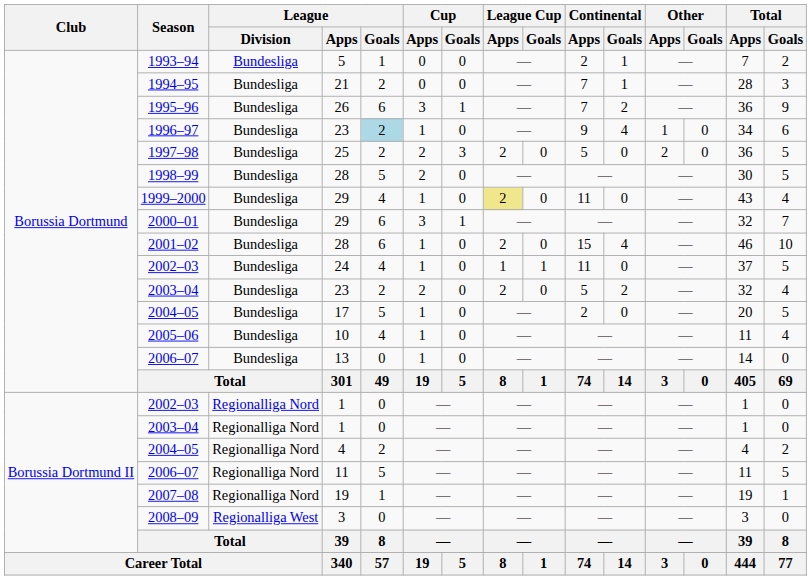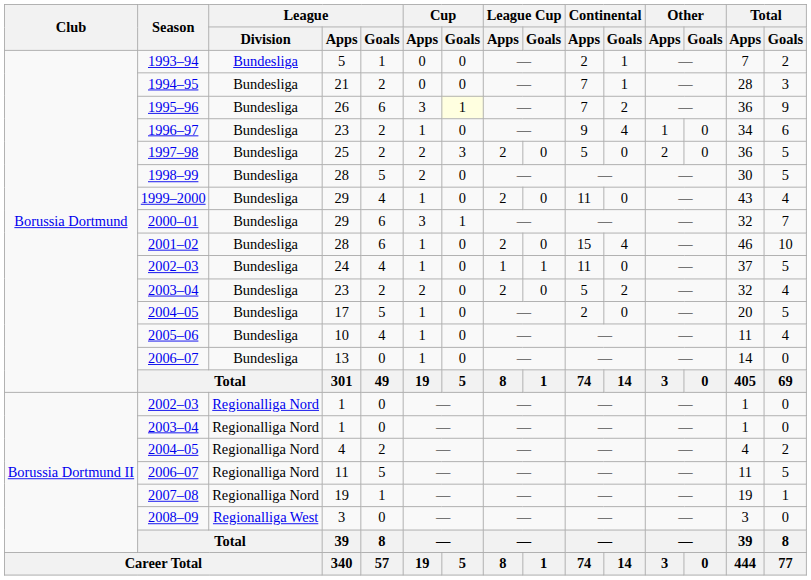 <table class="wikitable" style="text-align: center">
 <tr>
 <th rowspan="2">Club</th>
 <th rowspan="2">Season</th>
 <th colspan="3">League</th>
 <th colspan="2">Cup</th>
 <th colspan="2">League Cup</th>
 <th colspan="2">Continental</th>
 <th colspan="2">Other</th>
 <th colspan="2">Total</th>
 </tr>
 <tr>
 <th>Division</th>
 <th>Apps</th>
 <th>Goals</th>
 <th>Apps</th>
 <th>Goals</th>
 <th>Apps</th>
 <th>Goals</th>
 <th>Apps</th>
 <th>Goals</th>
 <th>Apps</th>
 <th>Goals</th>
 <th>Apps</th>
 <th>Goals</th>
 </tr>
 <tr>
 <td rowspan="15"><a href='#'>Borussia Dortmund</a></td>
 <td><a href='#'>1993–94</a></td>
 <td><a href='#'>Bundesliga</a></td>
 <td>5</td>
 <td>1</td>
 <td>0</td>
 <td>0</td>
 <td colspan="2">—</td>
 <td>2</td>
 <td>1</td>
 <td colspan="2">—</td>
 <td>7</td>
 <td>2</td>
 </tr>
 <tr>
 <td><a href='#'>1994–95</a></td>
 <td>Bundesliga</td>
 <td>21</td>
 <td>2</td>
 <td>0</td>
 <td>0</td>
 <td colspan="2">—</td>
 <td>7</td>
 <td>1</td>
 <td colspan="2">—</td>
 <td>28</td>
 <td>3</td>
 </tr>
 <tr>
 <td><a href='#'>1995–96</a></td>
 <td>Bundesliga</td>
 <td>26</td>
 <td>6</td>
 <td>3</td>
-<td>1</td>
+<td style="background: lightyellow;">1</td>
 <td colspan="2">—</td>
 <td>7</td>
 <td>2</td>
 <td colspan="2">—</td>
 <td>36</td>
 <td>9</td>
 </tr>
 <tr>
 <td><a href='#'>1996–97</a></td>
 <td>Bundesliga</td>
 <td>23</td>
-<td style="background: lightblue;">2</td>
+<td>2</td>
 <td>1</td>
 <td>0</td>
 <td colspan="2">—</td>
 <td>9</td>
 <td>4</td>
 <td>1</td>
 <td>0</td>
 <td>34</td>
 <td>6</td>
 </tr>
 <tr>
 <td><a href='#'>1997–98</a></td>
 <td>Bundesliga</td>
 <td>25</td>
 <td>2</td>
 <td>2</td>
 <td>3</td>
 <td>2</td>
 <td>0</td>
 <td>5</td>
 <td>0</td>
 <td>2</td>
 <td>0</td>
 <td>36</td>
 <td>5</td>
 </tr>
 <tr>
 <td><a href='#'>1998–99</a></td>
 <td>Bundesliga</td>
 <td>28</td>
 <td>5</td>
 <td>2</td>
 <td>0</td>
 <td colspan="2">—</td>
 <td colspan="2">—</td>
 <td colspan="2">—</td>
 <td>30</td>
 <td>5</td>
 </tr>
 <tr>
 <td><a href='#'>1999–2000</a></td>
 <td>Bundesliga</td>
 <td>29</td>
 <td>4</td>
 <td>1</td>
 <td>0</td>
-<td style="background: khaki;">2</td>
+<td>2</td>
 <td>0</td>
 <td>11</td>
 <td>0</td>
 <td colspan="2">—</td>
 <td>43</td>
 <td>4</td>
 </tr>
 <tr>
 <td><a href='#'>2000–01</a></td>
 <td>Bundesliga</td>
 <td>29</td>
 <td>6</td>
 <td>3</td>
 <td>1</td>
 <td colspan="2">—</td>
 <td colspan="2">—</td>
 <td colspan="2">—</td>
 <td>32</td>
 <td>7</td>
 </tr>
 <tr>
 <td><a href='#'>2001–02</a></td>
 <td>Bundesliga</td>
 <td>28</td>
 <td>6</td>
 <td>1</td>
 <td>0</td>
 <td>2</td>
 <td>0</td>
 <td>15</td>
 <td>4</td>
 <td colspan="2">—</td>
 <td>46</td>
 <td>10</td>
 </tr>
 <tr>
 <td><a href='#'>2002–03</a></td>
 <td>Bundesliga</td>
 <td>24</td>
 <td>4</td>
 <td>1</td>
 <td>0</td>
 <td>1</td>
 <td>1</td>
 <td>11</td>
 <td>0</td>
 <td colspan="2">—</td>
 <td>37</td>
 <td>5</td>
 </tr>
 <tr>
 <td><a href='#'>2003–04</a></td>
 <td>Bundesliga</td>
 <td>23</td>
 <td>2</td>
 <td>2</td>
 <td>0</td>
 <td>2</td>
 <td>0</td>
 <td>5</td>
 <td>2</td>
 <td colspan="2">—</td>
 <td>32</td>
 <td>4</td>
 </tr>
 <tr>
 <td><a href='#'>2004–05</a></td>
 <td>Bundesliga</td>
 <td>17</td>
 <td>5</td>
 <td>1</td>
 <td>0</td>
 <td colspan="2">—</td>
 <td>2</td>
 <td>0</td>
 <td colspan="2">—</td>
 <td>20</td>
 <td>5</td>
 </tr>
 <tr>
 <td><a href='#'>2005–06</a></td>
 <td>Bundesliga</td>
 <td>10</td>
 <td>4</td>
 <td>1</td>
 <td>0</td>
 <td colspan="2">—</td>
 <td colspan="2">—</td>
 <td colspan="2">—</td>
 <td>11</td>
 <td>4</td>
 </tr>
 <tr>
 <td><a href='#'>2006–07</a></td>
 <td>Bundesliga</td>
 <td>13</td>
 <td>0</td>
 <td>1</td>
 <td>0</td>
 <td colspan="2">—</td>
 <td colspan="2">—</td>
 <td colspan="2">—</td>
 <td>14</td>
 <td>0</td>
 </tr>
 <tr>
 <th colspan="2">Total</th>
 <th>301</th>
 <th>49</th>
 <th>19</th>
 <th>5</th>
 <th>8</th>
 <th>1</th>
 <th>74</th>
 <th>14</th>
 <th>3</th>
 <th>0</th>
 <th>405</th>
 <th>69</th>
 </tr>
 <tr>
 <td rowspan="7"><a href='#'>Borussia Dortmund II</a></td>
 <td><a href='#'>2002–03</a></td>
 <td><a href='#'>Regionalliga Nord</a></td>
 <td>1</td>
 <td>0</td>
 <td colspan="2">—</td>
 <td colspan="2">—</td>
 <td colspan="2">—</td>
 <td colspan="2">—</td>
 <td>1</td>
 <td>0</td>
 </tr>
 <tr>
 <td><a href='#'>2003–04</a></td>
 <td>Regionalliga Nord</td>
 <td>1</td>
 <td>0</td>
 <td colspan="2">—</td>
 <td colspan="2">—</td>
 <td colspan="2">—</td>
 <td colspan="2">—</td>
 <td>1</td>
 <td>0</td>
 </tr>
 <tr>
 <td><a href='#'>2004–05</a></td>
 <td>Regionalliga Nord</td>
 <td>4</td>
 <td>2</td>
 <td colspan="2">—</td>
 <td colspan="2">—</td>
 <td colspan="2">—</td>
 <td colspan="2">—</td>
 <td>4</td>
 <td>2</td>
 </tr>
 <tr>
 <td><a href='#'>2006–07</a></td>
 <td>Regionalliga Nord</td>
 <td>11</td>
 <td>5</td>
 <td colspan="2">—</td>
 <td colspan="2">—</td>
 <td colspan="2">—</td>
 <td colspan="2">—</td>
 <td>11</td>
 <td>5</td>
 </tr>
 <tr>
 <td><a href='#'>2007–08</a></td>
 <td>Regionalliga Nord</td>
 <td>19</td>
 <td>1</td>
 <td colspan="2">—</td>
 <td colspan="2">—</td>
 <td colspan="2">—</td>
 <td colspan="2">—</td>
 <td>19</td>
 <td>1</td>
 </tr>
 <tr>
 <td><a href='#'>2008–09</a></td>
 <td><a href='#'>Regionalliga West</a></td>
 <td>3</td>
 <td>0</td>
 <td colspan="2">—</td>
 <td colspan="2">—</td>
 <td colspan="2">—</td>
 <td colspan="2">—</td>
 <td>3</td>
 <td>0</td>
 </tr>
 <tr>
 <th colspan="2">Total</th>
 <th>39</th>
 <th>8</th>
 <th colspan="2">—</th>
 <th colspan="2">—</th>
 <th colspan="2">—</th>
 <th colspan="2">—</th>
 <th>39</th>
 <th>8</th>
 </tr>
 <tr>
 <th colspan="3">Career Total</th>
 <th>340</th>
 <th>57</th>
 <th>19</th>
 <th>5</th>
 <th>8</th>
 <th>1</th>
 <th>74</th>
 <th>14</th>
 <th>3</th>
 <th>0</th>
 <th>444</th>
 <th>77</th>
 </tr>
 </table>
